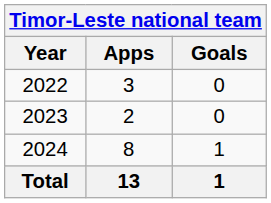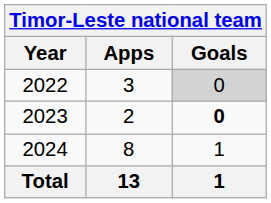 <table class="wikitable" style="text-align:center">
 <tr>
 <th colspan=3><a href='#'>Timor-Leste national team</a></th>
 </tr>
 <tr>
 <th>Year</th>
 <th>Apps</th>
 <th>Goals</th>
 </tr>
 <tr>
 <td>2022</td>
 <td>3</td>
-<td>0</td>
+<td style="background: lightgrey;">0</td>
 </tr>
 <tr>
 <td>2023</td>
 <td>2</td>
-<td>0</td>
+<td><strong>0</strong></td>
 </tr>
 <tr>
 <td>2024</td>
 <td>8</td>
 <td>1</td>
 </tr>
 <tr>
 <th>Total</th>
 <th>13</th>
 <th>1</th>
 </tr>
 </table>
